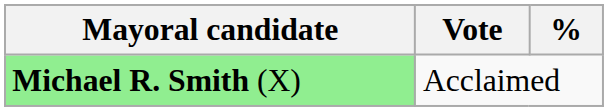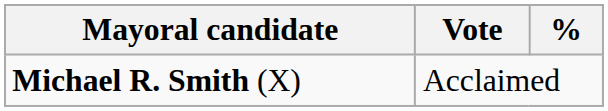 <table class="wikitable">
 <tr>
 <th bgcolor="#DDDDFF" width="200px">Mayoral candidate</th>
 <th bgcolor="#DDDDFF" width="50px">Vote</th>
 <th bgcolor="#DDDDFF" width="30px">%</th>
 </tr>
 <tr>
-<td style="background: lightgreen;"><strong>Michael R. Smith</strong> (X)</td>
+<td><strong>Michael R. Smith</strong> (X)</td>
 <td colspan="2">Acclaimed</td>
 </tr>
 </table>
